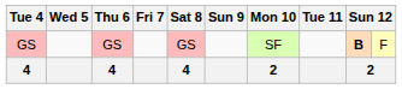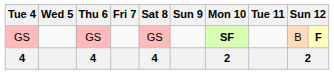 <table class="wikitable" style="margin:0.5em auto; line-height:1.5em;">
 <tr>
 <th>Tue 4</th>
 <th>Wed 5</th>
 <th>Thu 6</th>
 <th>Fri 7</th>
 <th>Sat 8</th>
 <th>Sun 9</th>
 <th>Mon 10</th>
 <th>Tue 11</th>
 <th colspan="2">Sun 12</th>
 </tr>
 <tr align=center>
 <td style="background-color:#FFBBBB;">GS</td>
 <td></td>
 <td style="background-color:#FFBBBB;">GS</td>
 <td></td>
 <td style="background-color:#FFBBBB;">GS</td>
 <td></td>
-<td style="background-color:#D9FFB2;">SF</td>
+<td style="background-color:#D9FFB2;"><strong>SF</strong></td>
 <td></td>
-<td style="background-color:#FEDCBA;"><strong>B</strong></td>
-<td style="background-color:#FFFFBB;">F</td>
+<td style="background-color:#FEDCBA;">B</td>
+<td style="background-color:#FFFFBB;"><strong>F</strong></td>
 </tr>
 <tr>
 <th>4 </th>
 <th></th>
 <th>4 </th>
 <th></th>
 <th>4 </th>
 <th></th>
 <th>2 </th>
 <th></th>
 <th colspan="2">2 </th>
 </tr>
 </table>
